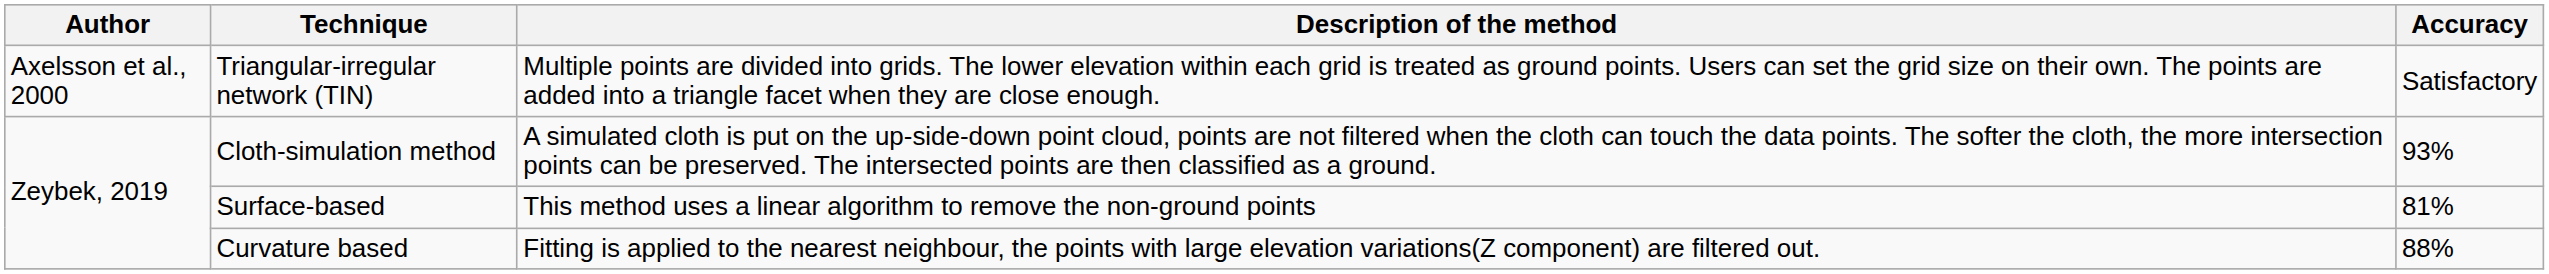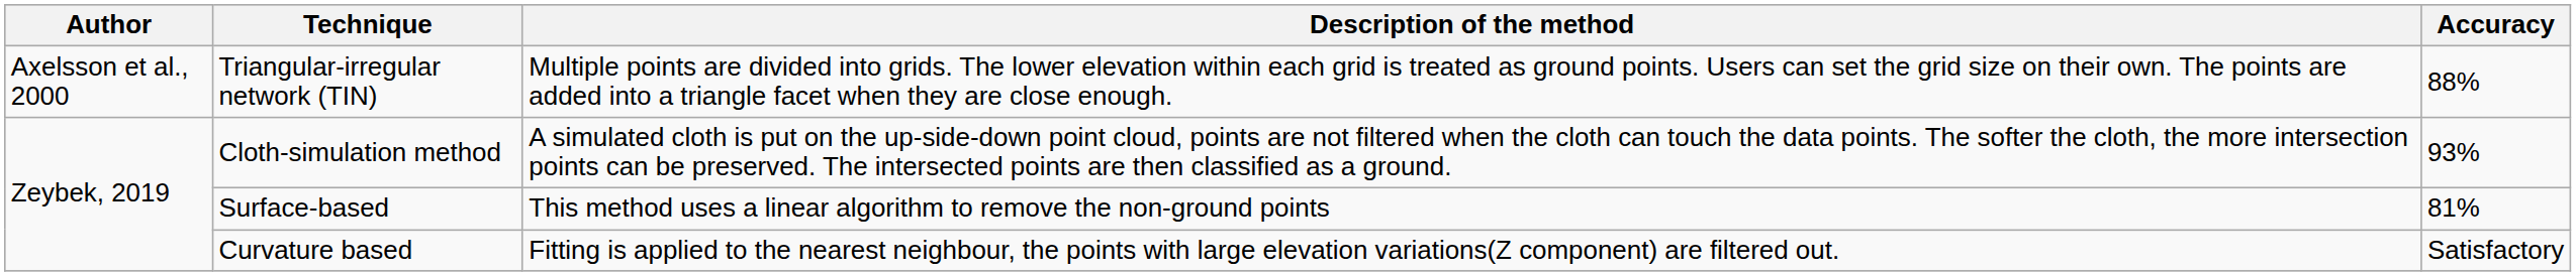 <table class="wikitable">
 <tr>
 <th>Author</th>
 <th>Technique</th>
 <th>Description of the method</th>
 <th>Accuracy</th>
 </tr>
 <tr>
 <td>Axelsson et al., 2000</td>
 <td>Triangular-irregular network (TIN)</td>
 <td>Multiple points are divided into grids. The lower elevation within each grid is treated as ground points. Users can set the grid size on their own. The points are added into a triangle facet when they are close enough.</td>
-<td>Satisfactory</td>
+<td>88%</td>
 </tr>
 <tr>
 <td rowspan="3">Zeybek, 2019</td>
 <td>Cloth-simulation method</td>
 <td>A simulated cloth is put on the up-side-down point cloud, points are not filtered when the cloth can touch the data points. The softer the cloth, the more intersection points can be preserved. The intersected points are then classified as a ground.</td>
 <td>93%</td>
 </tr>
 <tr>
 <td>Surface-based</td>
 <td>This method uses a linear algorithm to remove the non-ground points</td>
 <td>81%</td>
 </tr>
 <tr>
 <td>Curvature based</td>
 <td>Fitting is applied to the nearest neighbour, the points with large elevation variations(Z component) are filtered out.</td>
-<td>88%</td>
+<td>Satisfactory</td>
 </tr>
 </table>
